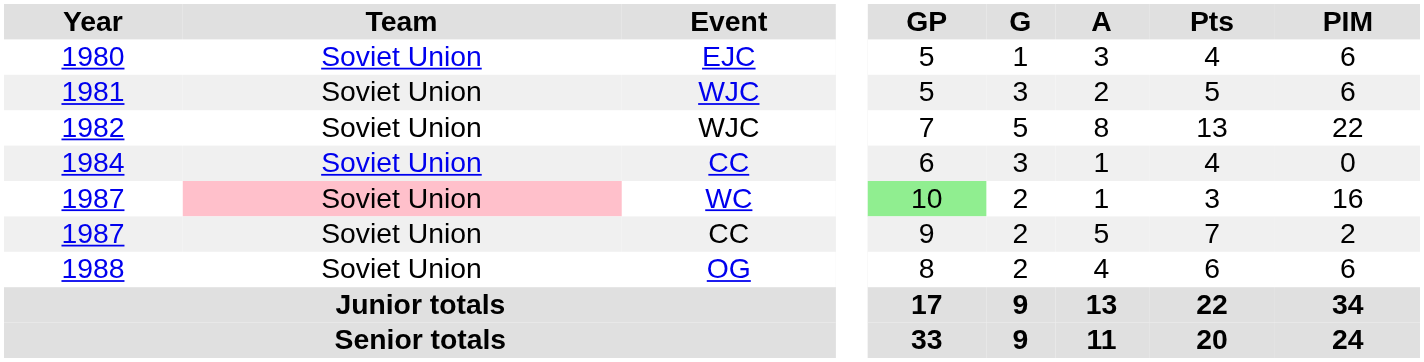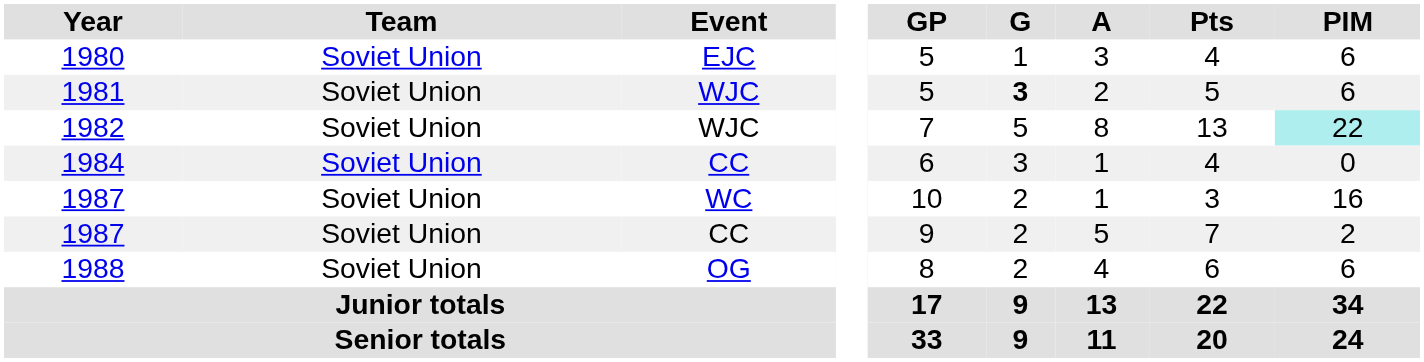 <table border="0" cellpadding="1" cellspacing="0" style="text-align:center; width:50em">
 <tr ALIGN="center" bgcolor="#e0e0e0">
 <th>Year</th>
 <th>Team</th>
 <th>Event</th>
 <th ALIGN="center" rowspan="99" bgcolor="#ffffff"> </th>
 <th>GP</th>
 <th>G</th>
 <th>A</th>
 <th>Pts</th>
 <th>PIM</th>
 </tr>
 <tr>
 <td><a href='#'>1980</a></td>
 <td><a href='#'>Soviet Union</a></td>
 <td><a href='#'>EJC</a></td>
 <td>5</td>
 <td>1</td>
 <td>3</td>
 <td>4</td>
 <td>6</td>
 </tr>
 <tr bgcolor="#f0f0f0">
 <td><a href='#'>1981</a></td>
 <td>Soviet Union</td>
 <td><a href='#'>WJC</a></td>
 <td>5</td>
-<td>3</td>
+<td><strong>3</strong></td>
 <td>2</td>
 <td>5</td>
 <td>6</td>
 </tr>
 <tr>
 <td><a href='#'>1982</a></td>
 <td>Soviet Union</td>
 <td>WJC</td>
 <td>7</td>
 <td>5</td>
 <td>8</td>
 <td>13</td>
-<td>22</td>
+<td style="background: paleturquoise;">22</td>
 </tr>
 <tr bgcolor="#f0f0f0">
 <td><a href='#'>1984</a></td>
 <td><a href='#'>Soviet Union</a></td>
 <td><a href='#'>CC</a></td>
 <td>6</td>
 <td>3</td>
 <td>1</td>
 <td>4</td>
 <td>0</td>
 </tr>
 <tr>
 <td><a href='#'>1987</a></td>
-<td style="background: pink;">Soviet Union</td>
+<td>Soviet Union</td>
 <td><a href='#'>WC</a></td>
-<td style="background: lightgreen;">10</td>
+<td>10</td>
 <td>2</td>
 <td>1</td>
 <td>3</td>
 <td>16</td>
 </tr>
 <tr bgcolor="#f0f0f0">
 <td><a href='#'>1987</a></td>
 <td>Soviet Union</td>
 <td>CC</td>
 <td>9</td>
 <td>2</td>
 <td>5</td>
 <td>7</td>
 <td>2</td>
 </tr>
 <tr>
 <td><a href='#'>1988</a></td>
 <td>Soviet Union</td>
 <td><a href='#'>OG</a></td>
 <td>8</td>
 <td>2</td>
 <td>4</td>
 <td>6</td>
 <td>6</td>
 </tr>
 <tr bgcolor="#e0e0e0">
 <th colspan=3>Junior totals</th>
 <th>17</th>
 <th>9</th>
 <th>13</th>
 <th>22</th>
 <th>34</th>
 </tr>
 <tr bgcolor="#e0e0e0">
 <th colspan=3>Senior totals</th>
 <th>33</th>
 <th>9</th>
 <th>11</th>
 <th>20</th>
 <th>24</th>
 </tr>
 </table>
